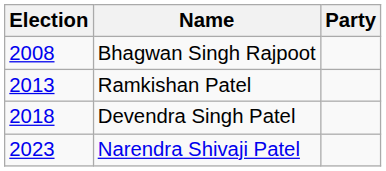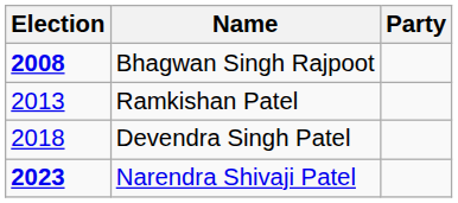 <table class="wikitable sortable">
 <tr>
 <th>Election</th>
 <th>Name</th>
 <th colspan=2>Party</th>
 </tr>
 <tr>
-<td><a href='#'>2008</a></td>
+<td><strong><a href='#'>2008</a></strong></td>
 <td>Bhagwan Singh Rajpoot</td>
 <td></td>
 </tr>
 <tr>
 <td><a href='#'>2013</a></td>
 <td>Ramkishan Patel</td>
 <td></td>
 </tr>
 <tr>
 <td><a href='#'>2018</a></td>
 <td>Devendra Singh Patel</td>
 <td></td>
 </tr>
 <tr>
-<td><a href='#'>2023</a></td>
+<td><strong><a href='#'>2023</a></strong></td>
 <td><a href='#'>Narendra Shivaji Patel</a></td>
 <td></td>
 </tr>
 </table>
